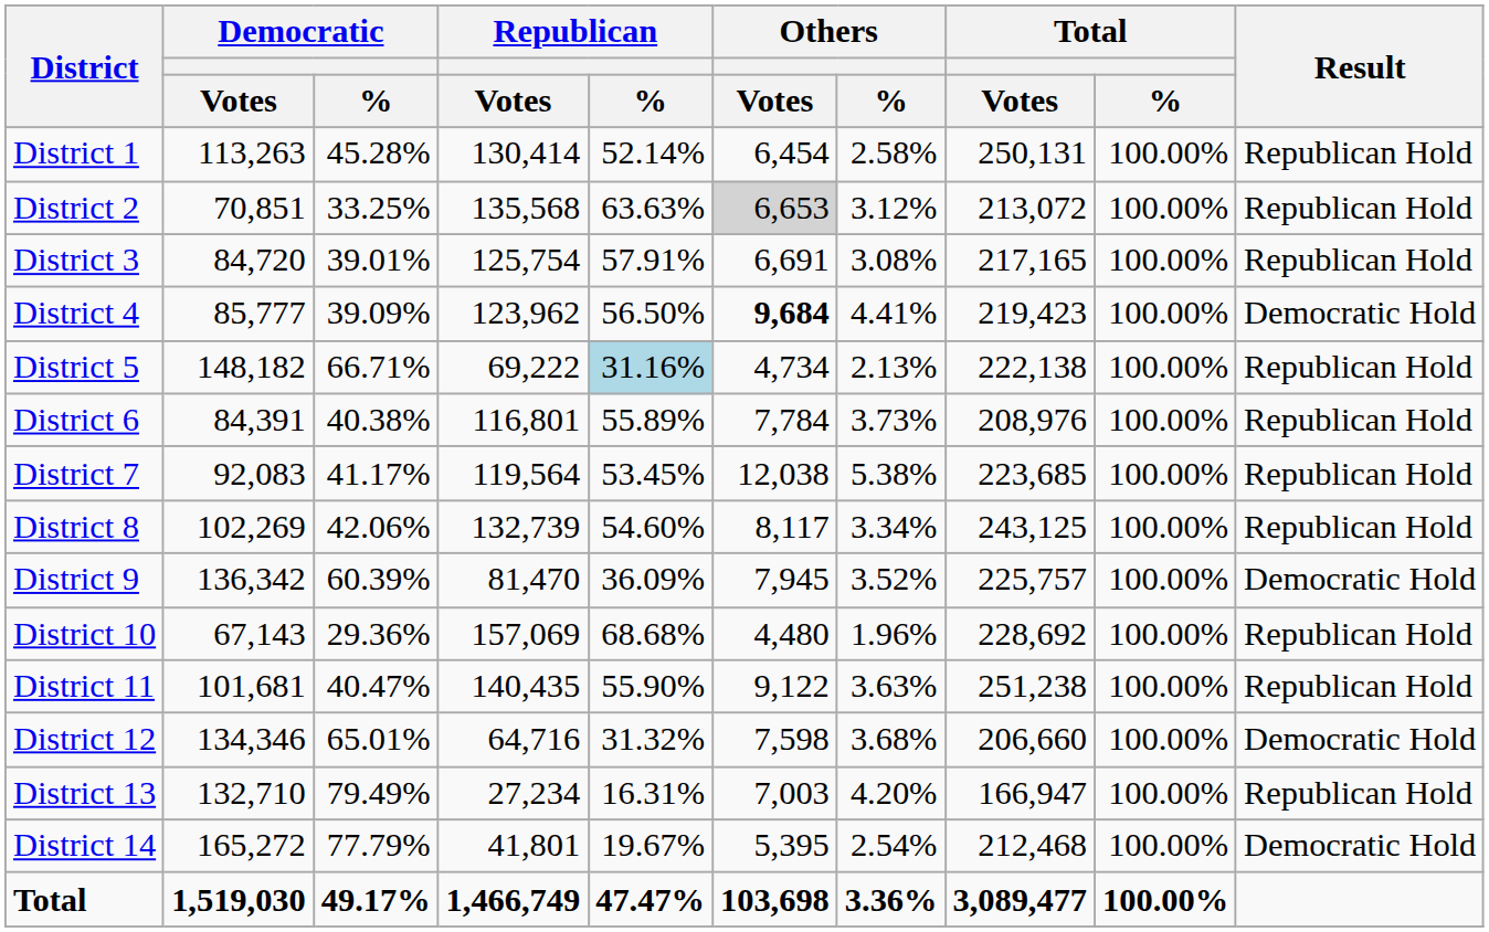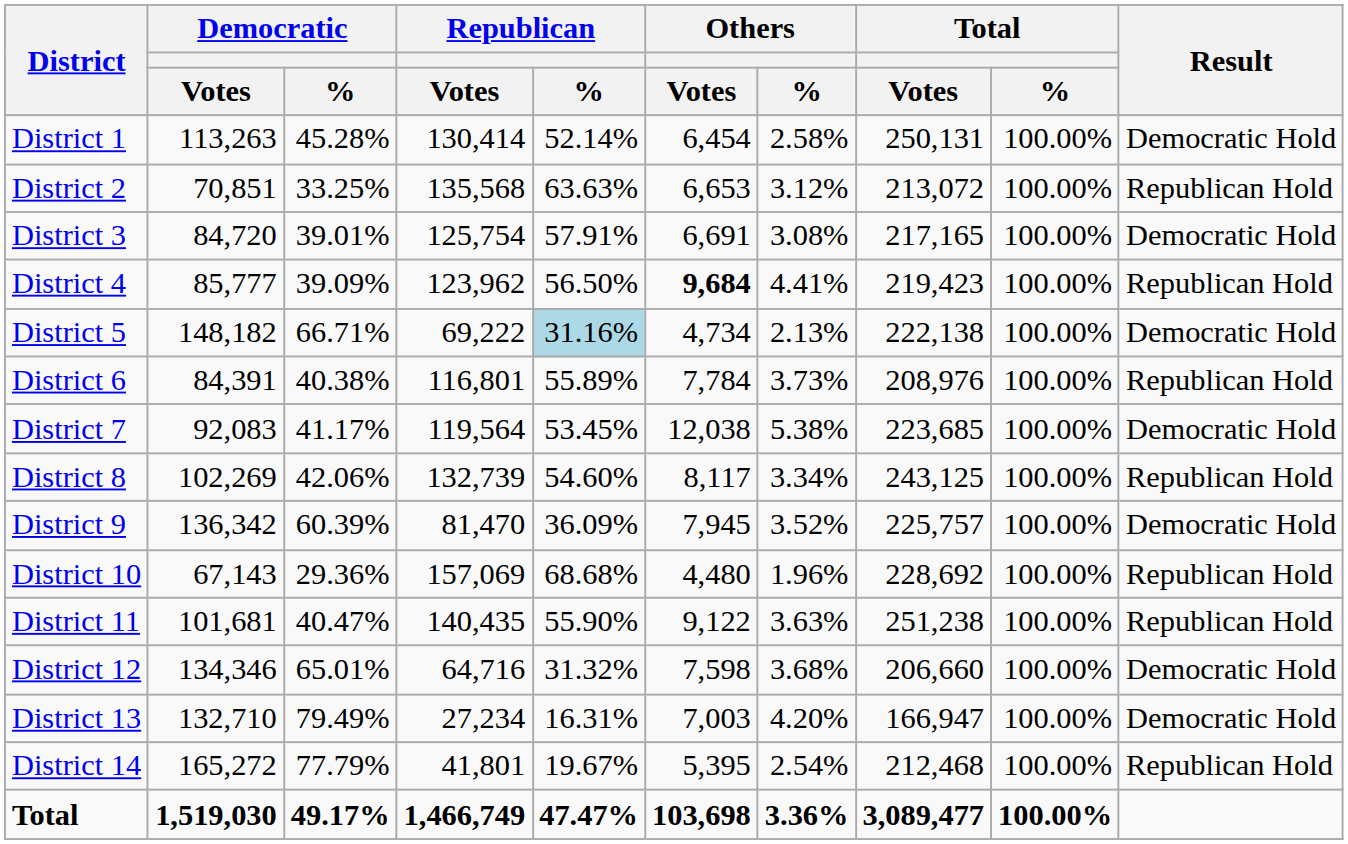 <table class="wikitable plainrowheaders sortable" style="font-size:100%; text-align:right;">
 <tr>
 <th scope=col rowspan=3><a href='#'>District</a></th>
 <th scope=col colspan=2><a href='#'>Democratic</a></th>
 <th scope=col colspan=2><a href='#'>Republican</a></th>
 <th scope=col colspan=2>Others</th>
 <th scope=col colspan=2>Total</th>
 <th scope=col rowspan=3>Result</th>
 </tr>
 <tr>
 <th scope=col colspan=2 style="background:"></th>
 <th scope=col colspan=2 style="background:"></th>
 <th scope=col colspan=2></th>
 <th scope=col colspan=2></th>
 </tr>
 <tr>
 <th scope=col data-sort-type="number">Votes</th>
 <th scope=col data-sort-type="number">%</th>
 <th scope=col data-sort-type="number">Votes</th>
 <th scope=col data-sort-type="number">%</th>
 <th scope=col data-sort-type="number">Votes</th>
 <th scope=col data-sort-type="number">%</th>
 <th scope=col data-sort-type="number">Votes</th>
 <th scope=col data-sort-type="number">%</th>
 </tr>
 <tr>
 <td align=left><a href='#'>District 1</a></td>
 <td>113,263</td>
 <td>45.28%</td>
 <td>130,414</td>
 <td>52.14%</td>
 <td>6,454</td>
 <td>2.58%</td>
 <td>250,131</td>
 <td>100.00%</td>
-<td align=left>Republican Hold</td>
+<td align=left>Democratic Hold</td>
 </tr>
 <tr>
 <td align=left><a href='#'>District 2</a></td>
 <td>70,851</td>
 <td>33.25%</td>
 <td>135,568</td>
 <td>63.63%</td>
-<td style="background: lightgrey;">6,653</td>
+<td>6,653</td>
 <td>3.12%</td>
 <td>213,072</td>
 <td>100.00%</td>
 <td align=left>Republican Hold</td>
 </tr>
 <tr>
 <td align=left><a href='#'>District 3</a></td>
 <td>84,720</td>
 <td>39.01%</td>
 <td>125,754</td>
 <td>57.91%</td>
 <td>6,691</td>
 <td>3.08%</td>
 <td>217,165</td>
 <td>100.00%</td>
-<td align=left>Republican Hold</td>
+<td align=left>Democratic Hold</td>
 </tr>
 <tr>
 <td align=left><a href='#'>District 4</a></td>
 <td>85,777</td>
 <td>39.09%</td>
 <td>123,962</td>
 <td>56.50%</td>
 <td><strong>9,684</strong></td>
 <td>4.41%</td>
 <td>219,423</td>
 <td>100.00%</td>
-<td align=left>Democratic Hold</td>
+<td align=left>Republican Hold</td>
 </tr>
 <tr>
 <td align=left><a href='#'>District 5</a></td>
 <td>148,182</td>
 <td>66.71%</td>
 <td>69,222</td>
 <td style="background: lightblue;">31.16%</td>
 <td>4,734</td>
 <td>2.13%</td>
 <td>222,138</td>
 <td>100.00%</td>
-<td align=left>Republican Hold</td>
+<td align=left>Democratic Hold</td>
 </tr>
 <tr>
 <td align=left><a href='#'>District 6</a></td>
 <td>84,391</td>
 <td>40.38%</td>
 <td>116,801</td>
 <td>55.89%</td>
 <td>7,784</td>
 <td>3.73%</td>
 <td>208,976</td>
 <td>100.00%</td>
 <td align=left>Republican Hold</td>
 </tr>
 <tr>
 <td align=left><a href='#'>District 7</a></td>
 <td>92,083</td>
 <td>41.17%</td>
 <td>119,564</td>
 <td>53.45%</td>
 <td>12,038</td>
 <td>5.38%</td>
 <td>223,685</td>
 <td>100.00%</td>
-<td align=left>Republican Hold</td>
+<td align=left>Democratic Hold</td>
 </tr>
 <tr>
 <td align=left><a href='#'>District 8</a></td>
 <td>102,269</td>
 <td>42.06%</td>
 <td>132,739</td>
 <td>54.60%</td>
 <td>8,117</td>
 <td>3.34%</td>
 <td>243,125</td>
 <td>100.00%</td>
 <td align=left>Republican Hold</td>
 </tr>
 <tr>
 <td align=left><a href='#'>District 9</a></td>
 <td>136,342</td>
 <td>60.39%</td>
 <td>81,470</td>
 <td>36.09%</td>
 <td>7,945</td>
 <td>3.52%</td>
 <td>225,757</td>
 <td>100.00%</td>
 <td align=left>Democratic Hold</td>
 </tr>
 <tr>
 <td align=left><a href='#'>District 10</a></td>
 <td>67,143</td>
 <td>29.36%</td>
 <td>157,069</td>
 <td>68.68%</td>
 <td>4,480</td>
 <td>1.96%</td>
 <td>228,692</td>
 <td>100.00%</td>
 <td align=left>Republican Hold</td>
 </tr>
 <tr>
 <td align=left><a href='#'>District 11</a></td>
 <td>101,681</td>
 <td>40.47%</td>
 <td>140,435</td>
 <td>55.90%</td>
 <td>9,122</td>
 <td>3.63%</td>
 <td>251,238</td>
 <td>100.00%</td>
 <td align=left>Republican Hold</td>
 </tr>
 <tr>
 <td align=left><a href='#'>District 12</a></td>
 <td>134,346</td>
 <td>65.01%</td>
 <td>64,716</td>
 <td>31.32%</td>
 <td>7,598</td>
 <td>3.68%</td>
 <td>206,660</td>
 <td>100.00%</td>
 <td align=left>Democratic Hold</td>
 </tr>
 <tr>
 <td align=left><a href='#'>District 13</a></td>
 <td>132,710</td>
 <td>79.49%</td>
 <td>27,234</td>
 <td>16.31%</td>
 <td>7,003</td>
 <td>4.20%</td>
 <td>166,947</td>
 <td>100.00%</td>
-<td align=left>Republican Hold</td>
+<td align=left>Democratic Hold</td>
 </tr>
 <tr>
 <td align=left><a href='#'>District 14</a></td>
 <td>165,272</td>
 <td>77.79%</td>
 <td>41,801</td>
 <td>19.67%</td>
 <td>5,395</td>
 <td>2.54%</td>
 <td>212,468</td>
 <td>100.00%</td>
-<td align=left>Democratic Hold</td>
+<td align=left>Republican Hold</td>
 </tr>
 <tr class="sortbottom" style="font-weight:bold">
 <td align=left>Total</td>
 <td>1,519,030</td>
 <td>49.17%</td>
 <td>1,466,749</td>
 <td>47.47%</td>
 <td>103,698</td>
 <td>3.36%</td>
 <td>3,089,477</td>
 <td>100.00%</td>
 <td></td>
 </tr>
 </table>
